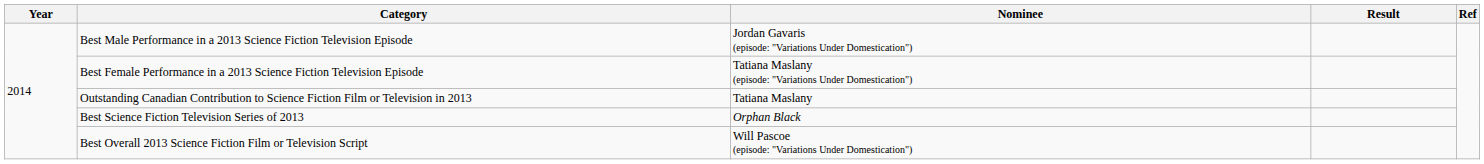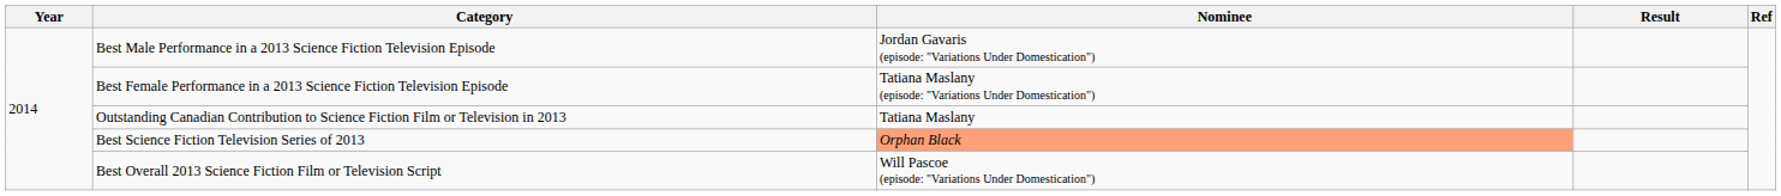 <table class="wikitable">
 <tr>
 <th width=5%>Year</th>
 <th width=45%>Category</th>
 <th width=40%>Nominee</th>
 <th width=10%>Result</th>
 <th width=3%>Ref</th>
 </tr>
 <tr>
 <td rowspan=5>2014</td>
 <td>Best Male Performance in a 2013 Science Fiction Television Episode</td>
 <td>Jordan Gavaris<br><small>(episode: "Variations Under Domestication")</small></td>
 <td></td>
 <td rowspan=5></td>
 </tr>
 <tr>
 <td>Best Female Performance in a 2013 Science Fiction Television Episode</td>
 <td>Tatiana Maslany<br><small>(episode: "Variations Under Domestication")</small></td>
 <td></td>
 </tr>
 <tr>
 <td>Outstanding Canadian Contribution to Science Fiction Film or Television in 2013</td>
 <td>Tatiana Maslany</td>
 <td></td>
 </tr>
 <tr>
 <td>Best Science Fiction Television Series of 2013</td>
-<td><em>Orphan Black</em></td>
+<td style="background: lightsalmon;"><em>Orphan Black</em></td>
 <td></td>
 </tr>
 <tr>
 <td>Best Overall 2013 Science Fiction Film or Television Script</td>
 <td>Will Pascoe<br><small>(episode: "Variations Under Domestication")</small></td>
 <td></td>
 </tr>
 </table>
